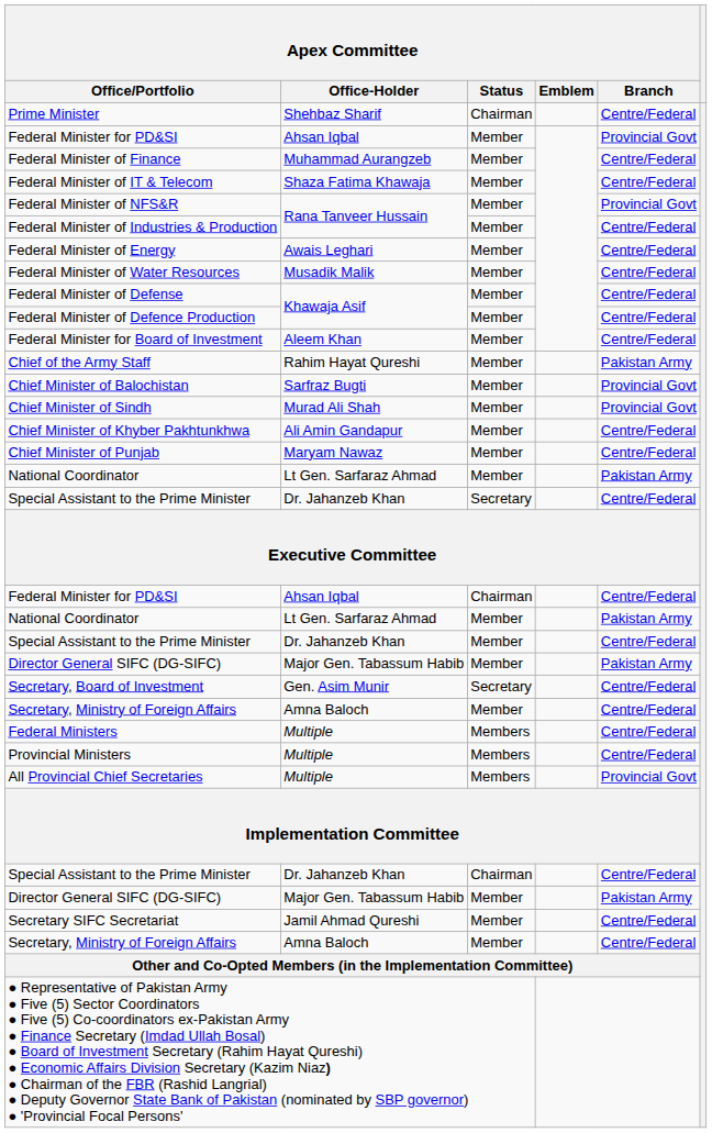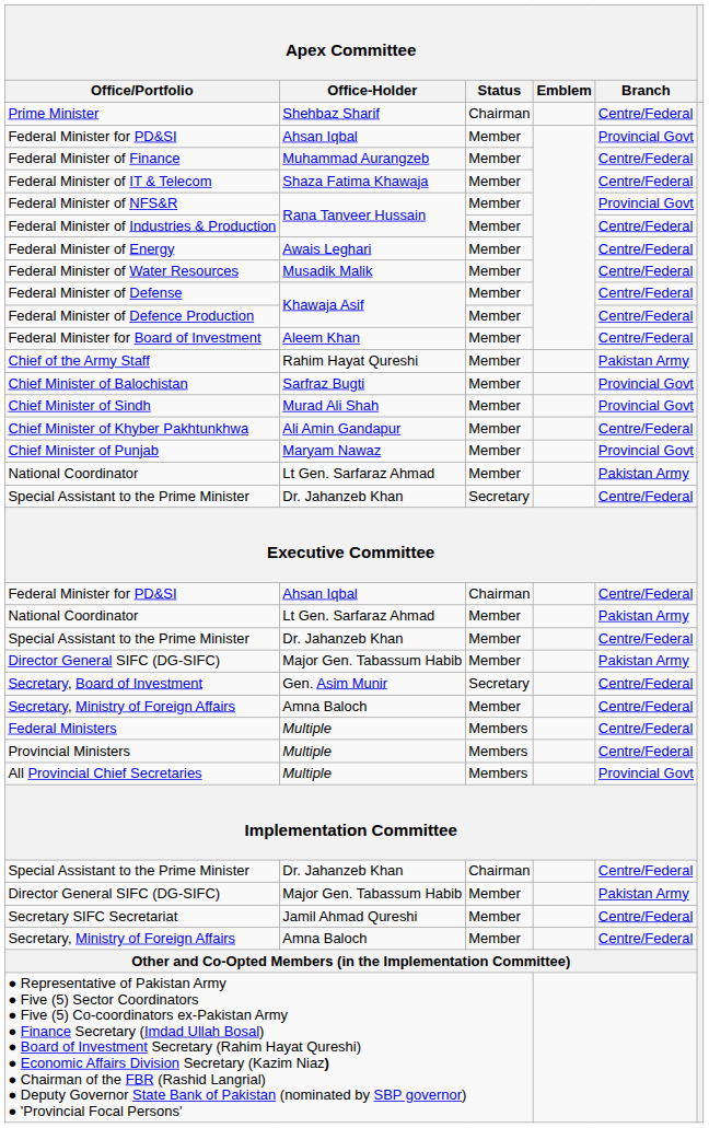 <table class="wikitable">
 <tr>
 <th colspan="5"><br><h3>Apex Committee</h3></th>
 <th rowspan="2"></th>
 </tr>
 <tr>
 <th>Office/Portfolio</th>
 <th>Office-Holder</th>
 <th>Status</th>
 <th>Emblem</th>
 <th>Branch</th>
 </tr>
 <tr>
 <td><a href='#'>Prime Minister</a></td>
 <td><a href='#'>Shehbaz Sharif</a></td>
 <td>Chairman</td>
 <td></td>
 <td><a href='#'>Centre/Federal</a></td>
 <th rowspan="35"></th>
 </tr>
 <tr>
 <td>Federal Minister for <a href='#'>PD&SI</a></td>
 <td><a href='#'>Ahsan Iqbal</a></td>
 <td>Member</td>
 <td rowspan="10"></td>
 <td><a href='#'>Provincial Govt</a></td>
 </tr>
 <tr>
 <td>Federal Minister of <a href='#'>Finance</a></td>
 <td><a href='#'>Muhammad Aurangzeb</a></td>
 <td>Member</td>
 <td><a href='#'>Centre/Federal</a></td>
 </tr>
 <tr>
 <td>Federal Minister of <a href='#'>IT & Telecom</a></td>
 <td><a href='#'>Shaza Fatima Khawaja</a></td>
 <td>Member</td>
 <td><a href='#'>Centre/Federal</a></td>
 </tr>
 <tr>
 <td>Federal Minister of <a href='#'>NFS&R</a></td>
 <td rowspan="2"><a href='#'>Rana Tanveer Hussain</a></td>
 <td>Member</td>
 <td><a href='#'>Provincial Govt</a></td>
 </tr>
 <tr>
 <td>Federal Minister of <a href='#'>Industries & Production</a></td>
 <td>Member</td>
 <td><a href='#'>Centre/Federal</a></td>
 </tr>
 <tr>
 <td>Federal Minister of <a href='#'>Energy</a></td>
 <td><a href='#'>Awais Leghari</a></td>
 <td>Member</td>
 <td><a href='#'>Centre/Federal</a></td>
 </tr>
 <tr>
 <td>Federal Minister of <a href='#'>Water Resources</a></td>
 <td><a href='#'>Musadik Malik</a></td>
 <td>Member</td>
 <td><a href='#'>Centre/Federal</a></td>
 </tr>
 <tr>
 <td>Federal Minister of <a href='#'>Defense</a></td>
 <td rowspan="2"><a href='#'>Khawaja Asif</a></td>
 <td>Member</td>
 <td><a href='#'>Centre/Federal</a></td>
 </tr>
 <tr>
 <td>Federal Minister of <a href='#'>Defence Production</a></td>
 <td>Member</td>
 <td><a href='#'>Centre/Federal</a></td>
 </tr>
 <tr>
 <td>Federal Minister for <a href='#'>Board of Investment</a></td>
 <td><a href='#'>Aleem Khan</a></td>
 <td>Member</td>
 <td><a href='#'>Centre/Federal</a></td>
 </tr>
 <tr>
 <td><a href='#'>Chief of the Army Staff</a></td>
 <td>Rahim Hayat Qureshi</td>
 <td>Member</td>
 <td></td>
 <td><a href='#'>Pakistan Army</a></td>
 </tr>
 <tr>
 <td><a href='#'>Chief Minister of Balochistan</a></td>
 <td><a href='#'>Sarfraz Bugti</a></td>
 <td>Member</td>
 <td></td>
 <td><a href='#'>Provincial Govt</a></td>
 </tr>
 <tr>
 <td><a href='#'>Chief Minister of Sindh</a></td>
 <td><a href='#'>Murad Ali Shah</a></td>
 <td>Member</td>
 <td></td>
 <td><a href='#'>Provincial Govt</a></td>
 </tr>
 <tr>
 <td><a href='#'>Chief Minister of Khyber Pakhtunkhwa</a></td>
 <td><a href='#'>Ali Amin Gandapur</a></td>
 <td>Member</td>
 <td></td>
 <td><a href='#'>Centre/Federal</a></td>
 </tr>
 <tr>
 <td><a href='#'>Chief Minister of Punjab</a></td>
 <td><a href='#'>Maryam Nawaz</a></td>
 <td>Member</td>
 <td></td>
-<td><a href='#'>Centre/Federal</a></td>
+<td><a href='#'>Provincial Govt</a></td>
 </tr>
 <tr>
 <td>National Coordinator</td>
 <td>Lt Gen. Sarfaraz Ahmad</td>
 <td>Member</td>
 <td></td>
 <td><a href='#'>Pakistan Army</a></td>
 </tr>
 <tr>
 <td>Special Assistant to the Prime Minister</td>
 <td>Dr. Jahanzeb Khan</td>
 <td>Secretary</td>
 <td></td>
 <td><a href='#'>Centre/Federal</a></td>
 </tr>
 <tr>
 <th colspan="5"><br><h3>Executive Committee</h3></th>
 </tr>
 <tr>
 <td>Federal Minister for <a href='#'>PD&SI</a></td>
 <td><a href='#'>Ahsan Iqbal</a></td>
 <td>Chairman</td>
 <td></td>
 <td><a href='#'>Centre/Federal</a></td>
 </tr>
 <tr>
 <td>National Coordinator</td>
 <td>Lt Gen. Sarfaraz Ahmad</td>
 <td>Member</td>
 <td></td>
 <td><a href='#'>Pakistan Army</a></td>
 </tr>
 <tr>
 <td>Special Assistant to the Prime Minister</td>
 <td>Dr. Jahanzeb Khan</td>
 <td>Member</td>
 <td></td>
 <td><a href='#'>Centre/Federal</a></td>
 </tr>
 <tr>
 <td><a href='#'>Director General</a> SIFC (DG-SIFC)</td>
 <td>Major Gen. Tabassum Habib</td>
 <td>Member</td>
 <td></td>
 <td><a href='#'>Pakistan Army</a></td>
 </tr>
 <tr>
 <td><a href='#'>Secretary</a>, <a href='#'>Board of Investment</a></td>
 <td>Gen. <a href='#'>Asim Munir</a></td>
 <td>Secretary</td>
 <td></td>
 <td><a href='#'>Centre/Federal</a></td>
 </tr>
 <tr>
 <td><a href='#'>Secretary</a>, <a href='#'>Ministry of Foreign Affairs</a></td>
 <td>Amna Baloch</td>
 <td>Member</td>
 <td></td>
 <td><a href='#'>Centre/Federal</a></td>
 </tr>
 <tr>
 <td><a href='#'>Federal Ministers</a></td>
 <td><em>Multiple</em></td>
 <td>Members</td>
 <td></td>
 <td><a href='#'>Centre/Federal</a></td>
 </tr>
 <tr>
 <td>Provincial Ministers</td>
 <td><em>Multiple</em></td>
 <td>Members</td>
 <td></td>
 <td><a href='#'>Centre/Federal</a></td>
 </tr>
 <tr>
 <td>All <a href='#'>Provincial Chief Secretaries</a></td>
 <td><em>Multiple</em></td>
 <td>Members</td>
 <td></td>
 <td><a href='#'>Provincial Govt</a></td>
 </tr>
 <tr>
 <th colspan="5"><br><h3>Implementation Committee</h3></th>
 </tr>
 <tr>
 <td>Special Assistant to the Prime Minister</td>
 <td>Dr. Jahanzeb Khan</td>
 <td>Chairman</td>
 <td></td>
 <td><a href='#'>Centre/Federal</a></td>
 </tr>
 <tr>
 <td>Director General SIFC (DG-SIFC)</td>
 <td>Major Gen. Tabassum Habib</td>
 <td>Member</td>
 <td></td>
 <td><a href='#'>Pakistan Army</a></td>
 </tr>
 <tr>
 <td>Secretary SIFC Secretariat</td>
 <td>Jamil Ahmad Qureshi</td>
 <td>Member</td>
 <td></td>
 <td><a href='#'>Centre/Federal</a></td>
 </tr>
 <tr>
 <td>Secretary, <a href='#'>Ministry of Foreign Affairs</a></td>
 <td>Amna Baloch</td>
 <td>Member</td>
 <td></td>
 <td><a href='#'>Centre/Federal</a></td>
 </tr>
 <tr>
 <th colspan="5">Other and Co-Opted Members (in the Implementation Committee)</th>
 </tr>
 <tr>
 <td colspan="3">● Representative of Pakistan Army<br>● Five (5) Sector Coordinators<br>● Five (5) Co-coordinators ex-Pakistan Army<br>● <a href='#'>Finance</a> Secretary (<a href='#'>Imdad Ullah Bosal</a>)<br>● <a href='#'>Board of Investment</a> Secretary (Rahim Hayat Qureshi)<br>● <a href='#'>Economic Affairs Division</a> Secretary (Kazim Niaz<strong>)</strong><br>● Chairman of the <a href='#'>FBR</a> (Rashid Langrial)<br>● Deputy Governor <a href='#'>State Bank of Pakistan</a> (nominated by <a href='#'>SBP governor</a>)<br>● 'Provincial Focal Persons'</td>
 <td colspan="2"></td>
 </tr>
 </table>
